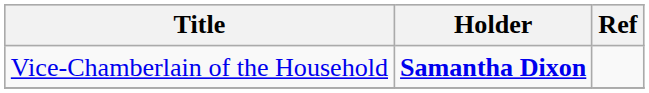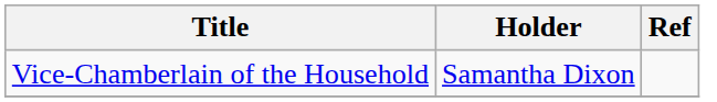 <table class="wikitable">
 <tr>
 <th>Title</th>
 <th>Holder</th>
 <th>Ref</th>
 </tr>
 <tr>
 <td><a href='#'>Vice-Chamberlain of the Household</a></td>
-<td><strong><a href='#'>Samantha Dixon</a></strong></td>
+<td><a href='#'>Samantha Dixon</a></td>
 <td></td>
 </tr>
 <tr>
 </tr>
 </table>
